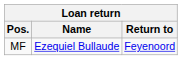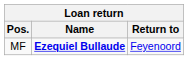 <table class="wikitable" style="font-size:95%;">
 <tr>
 <th colspan="5">Loan return</th>
 </tr>
 <tr>
 <th>Pos.</th>
 <th>Name</th>
 <th>Return to</th>
 </tr>
 <tr>
 <td align="center">MF</td>
-<td> <a href='#'>Ezequiel Bullaude</a></td>
+<td><strong> <a href='#'>Ezequiel Bullaude</a></strong></td>
 <td> <a href='#'>Feyenoord</a></td>
 </tr>
 </table>
